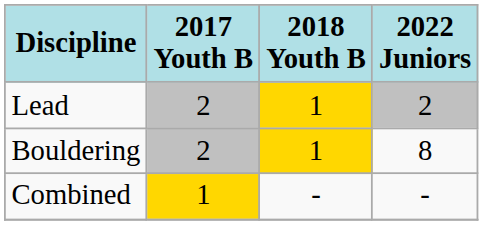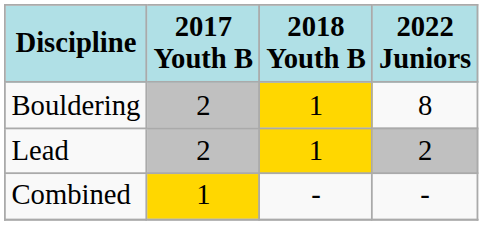 <table class="wikitable" style="text-align: center;">
 <tr>
 <th style="background: #b0e0e6;">Discipline</th>
 <th style="background: #b0e0e6;">2017<br>Youth B</th>
 <th style="background: #b0e0e6;">2018<br>Youth B</th>
 <th style="background: #b0e0e6;">2022<br>Juniors</th>
 </tr>
 <tr>
+<td align="left">Bouldering</td>
+<td style="background: Silver">2</td>
+<td style="background: gold">1</td>
+<td>8</td>
+</tr>
+<tr>
 <td align="left">Lead</td>
 <td style="background: Silver">2</td>
 <td style="background: gold">1</td>
 <td style="background: Silver">2</td>
-</tr>
-<tr>
-<td align="left">Bouldering</td>
-<td style="background: Silver">2</td>
-<td style="background: gold">1</td>
-<td>8</td>
 </tr>
 <tr>
 <td align="left">Combined</td>
 <td style="background: gold">1</td>
 <td>-</td>
 <td>-</td>
 </tr>
 <tr>
 </tr>
 </table>
